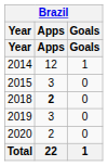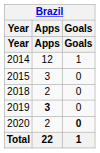 <table class="wikitable" style="text-align:center">
 <tr>
 <th colspan=3><a href='#'>Brazil</a></th>
 </tr>
 <tr>
 <th>Year</th>
 <th>Apps</th>
 <th>Goals</th>
 </tr>
 <tr>
 <th>Year</th>
 <th>Apps</th>
 <th>Goals</th>
 </tr>
 <tr>
 <td>2014</td>
 <td>12</td>
 <td>1</td>
 </tr>
 <tr>
 <td>2015</td>
 <td>3</td>
 <td>0</td>
 </tr>
 <tr>
 <td>2018</td>
-<td><strong>2</strong></td>
+<td>2</td>
 <td>0</td>
 </tr>
 <tr>
 <td>2019</td>
-<td>3</td>
+<td><strong>3</strong></td>
 <td>0</td>
 </tr>
 <tr>
 <td>2020</td>
 <td>2</td>
-<td>0</td>
+<td><strong>0</strong></td>
 </tr>
 <tr>
 <th>Total</th>
 <th>22</th>
 <th>1</th>
 </tr>
 </table>
